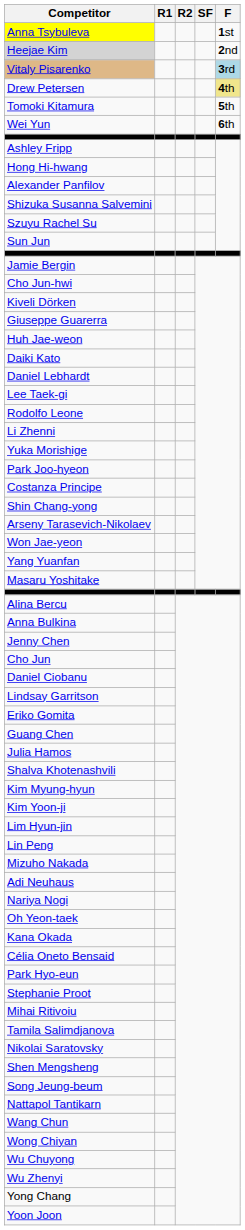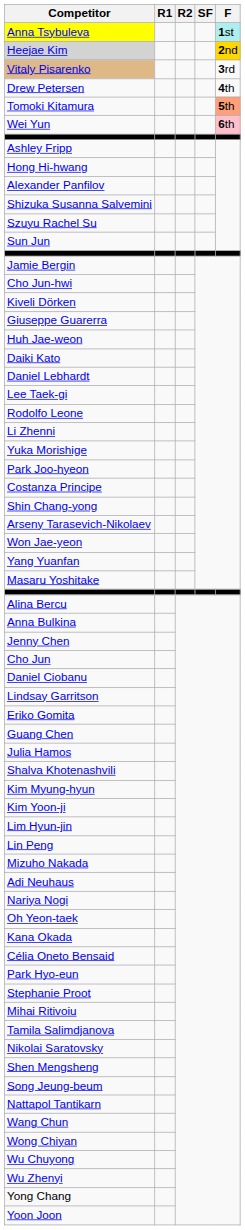 <table class="wikitable">
 <tr>
 <th>Competitor</th>
 <th>R1</th>
 <th>R2</th>
 <th>SF</th>
 <th>F</th>
 </tr>
 <tr>
 <td bgcolor=yellow> <a href='#'>Anna Tsybuleva</a></td>
 <td></td>
 <td></td>
 <td></td>
-<td><strong>1</strong>st</td>
+<td style="background: paleturquoise;"><strong>1</strong>st</td>
 </tr>
 <tr>
 <td bgcolor=lightgrey> <a href='#'>Heejae Kim</a></td>
 <td></td>
 <td></td>
 <td></td>
-<td><strong>2</strong>nd</td>
+<td style="background: gold;"><strong>2</strong>nd</td>
 </tr>
 <tr>
 <td bgcolor=burlywood> <a href='#'>Vitaly Pisarenko</a></td>
 <td></td>
 <td></td>
 <td></td>
-<td style="background: lightblue;"><strong>3</strong>rd</td>
+<td><strong>3</strong>rd</td>
 </tr>
 <tr>
 <td> <a href='#'>Drew Petersen</a></td>
 <td></td>
 <td></td>
 <td></td>
-<td style="background: khaki;"><strong>4</strong>th</td>
+<td><strong>4</strong>th</td>
 </tr>
 <tr>
 <td> <a href='#'>Tomoki Kitamura</a></td>
 <td></td>
 <td></td>
 <td></td>
-<td><strong>5</strong>th</td>
+<td style="background: lightsalmon;"><strong>5</strong>th</td>
 </tr>
 <tr>
 <td> <a href='#'>Wei Yun</a></td>
 <td></td>
 <td></td>
 <td></td>
-<td><strong>6</strong>th</td>
+<td style="background: pink;"><strong>6</strong>th</td>
 </tr>
 <tr>
 <td bgcolor=black></td>
 <td bgcolor=black></td>
 <td bgcolor=black></td>
 <td bgcolor=black></td>
 <td bgcolor=black></td>
 </tr>
 <tr>
 <td> <a href='#'>Ashley Fripp</a></td>
 <td></td>
 <td></td>
 <td></td>
 </tr>
 <tr>
 <td> <a href='#'>Hong Hi-hwang</a></td>
 <td></td>
 <td></td>
 <td></td>
 </tr>
 <tr>
 <td> <a href='#'>Alexander Panfilov</a></td>
 <td></td>
 <td></td>
 <td></td>
 </tr>
 <tr>
 <td> <a href='#'>Shizuka Susanna Salvemini</a></td>
 <td></td>
 <td></td>
 <td></td>
 </tr>
 <tr>
 <td> <a href='#'>Szuyu Rachel Su</a></td>
 <td></td>
 <td></td>
 <td></td>
 </tr>
 <tr>
 <td> <a href='#'>Sun Jun</a></td>
 <td></td>
 <td></td>
 <td></td>
 </tr>
 <tr>
 <td bgcolor=black></td>
 <td bgcolor=black></td>
 <td bgcolor=black></td>
 <td bgcolor=black></td>
 <td bgcolor=black></td>
 </tr>
 <tr>
 <td> <a href='#'>Jamie Bergin</a></td>
 <td></td>
 <td></td>
 </tr>
 <tr>
 <td> <a href='#'>Cho Jun-hwi</a></td>
 <td></td>
 <td></td>
 </tr>
 <tr>
 <td> <a href='#'>Kiveli Dörken</a></td>
 <td></td>
 <td></td>
 </tr>
 <tr>
 <td> <a href='#'>Giuseppe Guarerra</a></td>
 <td></td>
 <td></td>
 </tr>
 <tr>
 <td> <a href='#'>Huh Jae-weon</a></td>
 <td></td>
 <td></td>
 </tr>
 <tr>
 <td> <a href='#'>Daiki Kato</a></td>
 <td></td>
 <td></td>
 </tr>
 <tr>
 <td> <a href='#'>Daniel Lebhardt</a></td>
 <td></td>
 <td></td>
 </tr>
 <tr>
 <td> <a href='#'>Lee Taek-gi</a></td>
 <td></td>
 <td></td>
 </tr>
 <tr>
 <td> <a href='#'>Rodolfo Leone</a></td>
 <td></td>
 <td></td>
 </tr>
 <tr>
 <td> <a href='#'>Li Zhenni</a></td>
 <td></td>
 <td></td>
 </tr>
 <tr>
 <td> <a href='#'>Yuka Morishige</a></td>
 <td></td>
 <td></td>
 </tr>
 <tr>
 <td> <a href='#'>Park Joo-hyeon</a></td>
 <td></td>
 <td></td>
 </tr>
 <tr>
 <td> <a href='#'>Costanza Principe</a></td>
 <td></td>
 <td></td>
 </tr>
 <tr>
 <td> <a href='#'>Shin Chang-yong</a></td>
 <td></td>
 <td></td>
 </tr>
 <tr>
 <td> <a href='#'>Arseny Tarasevich-Nikolaev</a></td>
 <td></td>
 <td></td>
 </tr>
 <tr>
 <td> <a href='#'>Won Jae-yeon</a></td>
 <td></td>
 <td></td>
 </tr>
 <tr>
 <td> <a href='#'>Yang Yuanfan</a></td>
 <td></td>
 <td></td>
 </tr>
 <tr>
 <td> <a href='#'>Masaru Yoshitake</a></td>
 <td></td>
 <td></td>
 </tr>
 <tr>
 <td bgcolor=black></td>
 <td bgcolor=black></td>
 <td bgcolor=black></td>
 <td bgcolor=black></td>
 <td bgcolor=black></td>
 </tr>
 <tr>
 <td> <a href='#'>Alina Bercu</a></td>
 <td></td>
 </tr>
 <tr>
 <td> <a href='#'>Anna Bulkina</a></td>
 <td></td>
 </tr>
 <tr>
 <td> <a href='#'>Jenny Chen</a></td>
 <td></td>
 </tr>
 <tr>
 <td> <a href='#'>Cho Jun</a></td>
 <td></td>
 </tr>
 <tr>
 <td> <a href='#'>Daniel Ciobanu</a></td>
 <td></td>
 </tr>
 <tr>
 <td> <a href='#'>Lindsay Garritson</a></td>
 <td></td>
 </tr>
 <tr>
 <td> <a href='#'>Eriko Gomita</a></td>
 <td></td>
 </tr>
 <tr>
 <td> <a href='#'>Guang Chen</a></td>
 <td></td>
 </tr>
 <tr>
 <td> <a href='#'>Julia Hamos</a></td>
 <td></td>
 </tr>
 <tr>
 <td> <a href='#'>Shalva Khotenashvili</a></td>
 <td></td>
 </tr>
 <tr>
 <td> <a href='#'>Kim Myung-hyun</a></td>
 <td></td>
 </tr>
 <tr>
 <td> <a href='#'>Kim Yoon-ji</a></td>
 <td></td>
 </tr>
 <tr>
 <td> <a href='#'>Lim Hyun-jin</a></td>
 <td></td>
 </tr>
 <tr>
 <td> <a href='#'>Lin Peng</a></td>
 <td></td>
 </tr>
 <tr>
 <td> <a href='#'>Mizuho Nakada</a></td>
 <td></td>
 </tr>
 <tr>
 <td> <a href='#'>Adi Neuhaus</a></td>
 <td></td>
 </tr>
 <tr>
 <td> <a href='#'>Nariya Nogi</a></td>
 <td></td>
 </tr>
 <tr>
 <td> <a href='#'>Oh Yeon-taek</a></td>
 <td></td>
 </tr>
 <tr>
 <td> <a href='#'>Kana Okada</a></td>
 <td></td>
 </tr>
 <tr>
 <td> <a href='#'>Célia Oneto Bensaid</a></td>
 <td></td>
 </tr>
 <tr>
 <td> <a href='#'>Park Hyo-eun</a></td>
 <td></td>
 </tr>
 <tr>
 <td> <a href='#'>Stephanie Proot</a></td>
 <td></td>
 </tr>
 <tr>
 <td> <a href='#'>Mihai Ritivoiu</a></td>
 <td></td>
 </tr>
 <tr>
 <td> <a href='#'>Tamila Salimdjanova</a></td>
 <td></td>
 </tr>
 <tr>
 <td> <a href='#'>Nikolai Saratovsky</a></td>
 <td></td>
 </tr>
 <tr>
 <td> <a href='#'>Shen Mengsheng</a></td>
 <td></td>
 </tr>
 <tr>
 <td> <a href='#'>Song Jeung-beum</a></td>
 <td></td>
 </tr>
 <tr>
 <td> <a href='#'>Nattapol Tantikarn</a></td>
 <td></td>
 </tr>
 <tr>
 <td> <a href='#'>Wang Chun</a></td>
 <td></td>
 </tr>
 <tr>
 <td> <a href='#'>Wong Chiyan</a></td>
 <td></td>
 </tr>
 <tr>
 <td> <a href='#'>Wu Chuyong</a></td>
 <td></td>
 </tr>
 <tr>
 <td> <a href='#'>Wu Zhenyi</a></td>
 <td></td>
 </tr>
 <tr>
 <td> Yong Chang</td>
 <td></td>
 </tr>
 <tr>
 <td> <a href='#'>Yoon Joon</a></td>
 <td></td>
 </tr>
 </table>
